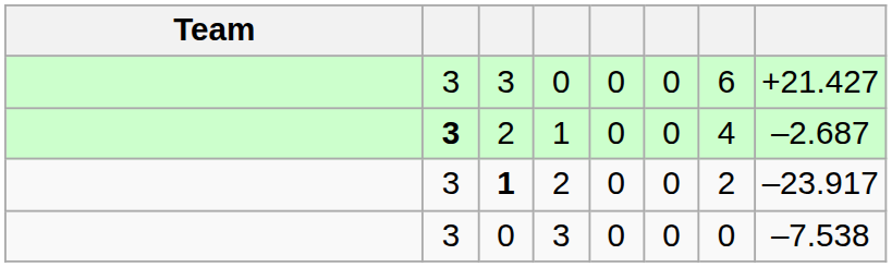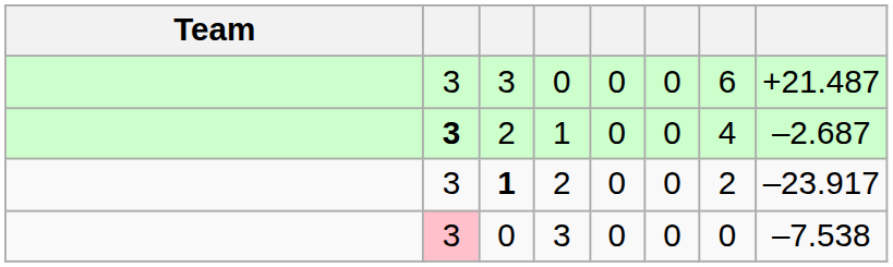 <table class="wikitable" style="text-align:center">
 <tr>
 <th width=200>Team</th>
 <th width=20></th>
 <th width=20></th>
 <th width=20></th>
 <th width=20></th>
 <th width=20></th>
 <th width=20></th>
 <th width=45></th>
 </tr>
 <tr bgcolor=ccffcc>
 <td align="left"></td>
 <td>3</td>
 <td>3</td>
 <td>0</td>
 <td>0</td>
 <td>0</td>
 <td>6</td>
-<td>+21.427</td>
+<td>+21.487</td>
 </tr>
 <tr bgcolor=ccffcc>
 <td align="left"></td>
 <td><strong>3</strong></td>
 <td>2</td>
 <td>1</td>
 <td>0</td>
 <td>0</td>
 <td>4</td>
 <td>–2.687</td>
 </tr>
 <tr>
 <td align="left"></td>
 <td>3</td>
 <td><strong>1</strong></td>
 <td>2</td>
 <td>0</td>
 <td>0</td>
 <td>2</td>
 <td>–23.917</td>
 </tr>
 <tr>
 <td align="left"></td>
-<td>3</td>
+<td style="background: pink;">3</td>
 <td>0</td>
 <td>3</td>
 <td>0</td>
 <td>0</td>
 <td>0</td>
 <td>–7.538</td>
 </tr>
 </table>
